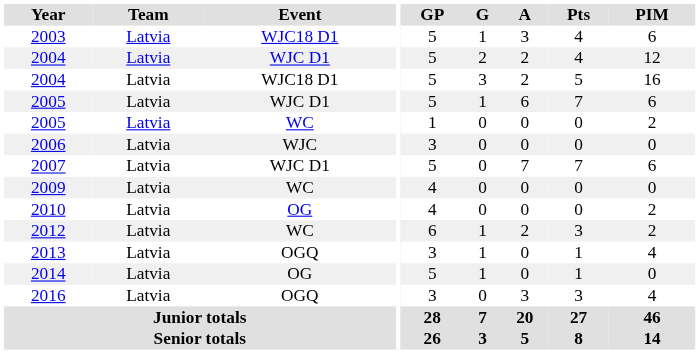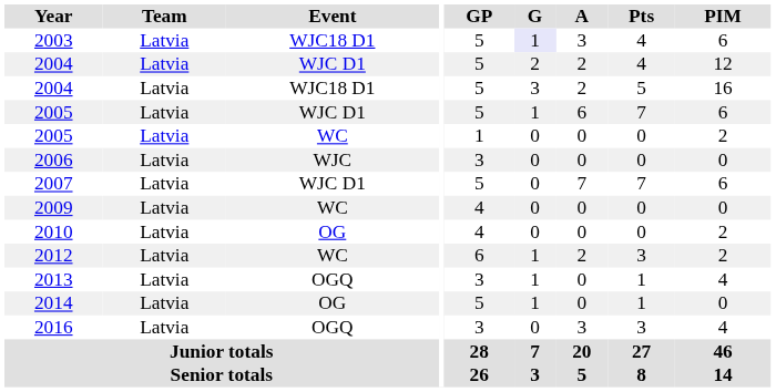 <table border="0" cellpadding="1" cellspacing="0" ID="Table3" style="text-align:center; width:40em">
 <tr ALIGN="center" bgcolor="#e0e0e0">
 <th>Year</th>
 <th>Team</th>
 <th>Event</th>
 <th rowspan="99" bgcolor="#ffffff"></th>
 <th>GP</th>
 <th>G</th>
 <th>A</th>
 <th>Pts</th>
 <th>PIM</th>
 </tr>
 <tr>
 <td><a href='#'>2003</a></td>
 <td><a href='#'>Latvia</a></td>
 <td><a href='#'>WJC18 D1</a></td>
 <td>5</td>
-<td>1</td>
+<td style="background: lavender;">1</td>
 <td>3</td>
 <td>4</td>
 <td>6</td>
 </tr>
 <tr bgcolor="#f0f0f0">
 <td><a href='#'>2004</a></td>
 <td><a href='#'>Latvia</a></td>
 <td><a href='#'>WJC D1</a></td>
 <td>5</td>
 <td>2</td>
 <td>2</td>
 <td>4</td>
 <td>12</td>
 </tr>
 <tr>
 <td><a href='#'>2004</a></td>
 <td>Latvia</td>
 <td>WJC18 D1</td>
 <td>5</td>
 <td>3</td>
 <td>2</td>
 <td>5</td>
 <td>16</td>
 </tr>
 <tr bgcolor="#f0f0f0">
 <td><a href='#'>2005</a></td>
 <td>Latvia</td>
 <td>WJC D1</td>
 <td>5</td>
 <td>1</td>
 <td>6</td>
 <td>7</td>
 <td>6</td>
 </tr>
 <tr>
 <td><a href='#'>2005</a></td>
 <td><a href='#'>Latvia</a></td>
 <td><a href='#'>WC</a></td>
 <td>1</td>
 <td>0</td>
 <td>0</td>
 <td>0</td>
 <td>2</td>
 </tr>
 <tr bgcolor="#f0f0f0">
 <td><a href='#'>2006</a></td>
 <td>Latvia</td>
 <td>WJC</td>
 <td>3</td>
 <td>0</td>
 <td>0</td>
 <td>0</td>
 <td>0</td>
 </tr>
 <tr>
 <td><a href='#'>2007</a></td>
 <td>Latvia</td>
 <td>WJC D1</td>
 <td>5</td>
 <td>0</td>
 <td>7</td>
 <td>7</td>
 <td>6</td>
 </tr>
 <tr bgcolor="#f0f0f0">
 <td><a href='#'>2009</a></td>
 <td>Latvia</td>
 <td>WC</td>
 <td>4</td>
 <td>0</td>
 <td>0</td>
 <td>0</td>
 <td>0</td>
 </tr>
 <tr>
 <td><a href='#'>2010</a></td>
 <td>Latvia</td>
 <td><a href='#'>OG</a></td>
 <td>4</td>
 <td>0</td>
 <td>0</td>
 <td>0</td>
 <td>2</td>
 </tr>
 <tr bgcolor="#f0f0f0">
 <td><a href='#'>2012</a></td>
 <td>Latvia</td>
 <td>WC</td>
 <td>6</td>
 <td>1</td>
 <td>2</td>
 <td>3</td>
 <td>2</td>
 </tr>
 <tr>
 <td><a href='#'>2013</a></td>
 <td>Latvia</td>
 <td>OGQ</td>
 <td>3</td>
 <td>1</td>
 <td>0</td>
 <td>1</td>
 <td>4</td>
 </tr>
 <tr bgcolor="#f0f0f0">
 <td><a href='#'>2014</a></td>
 <td>Latvia</td>
 <td>OG</td>
 <td>5</td>
 <td>1</td>
 <td>0</td>
 <td>1</td>
 <td>0</td>
 </tr>
 <tr>
 <td><a href='#'>2016</a></td>
 <td>Latvia</td>
 <td>OGQ</td>
 <td>3</td>
 <td>0</td>
 <td>3</td>
 <td>3</td>
 <td>4</td>
 </tr>
 <tr bgcolor="#e0e0e0">
 <th colspan=3>Junior totals</th>
 <th>28</th>
 <th>7</th>
 <th>20</th>
 <th>27</th>
 <th>46</th>
 </tr>
 <tr ALIGN="center" bgcolor="#e0e0e0">
 <th colspan=3>Senior totals</th>
 <th>26</th>
 <th>3</th>
 <th>5</th>
 <th>8</th>
 <th>14</th>
 </tr>
 </table>
